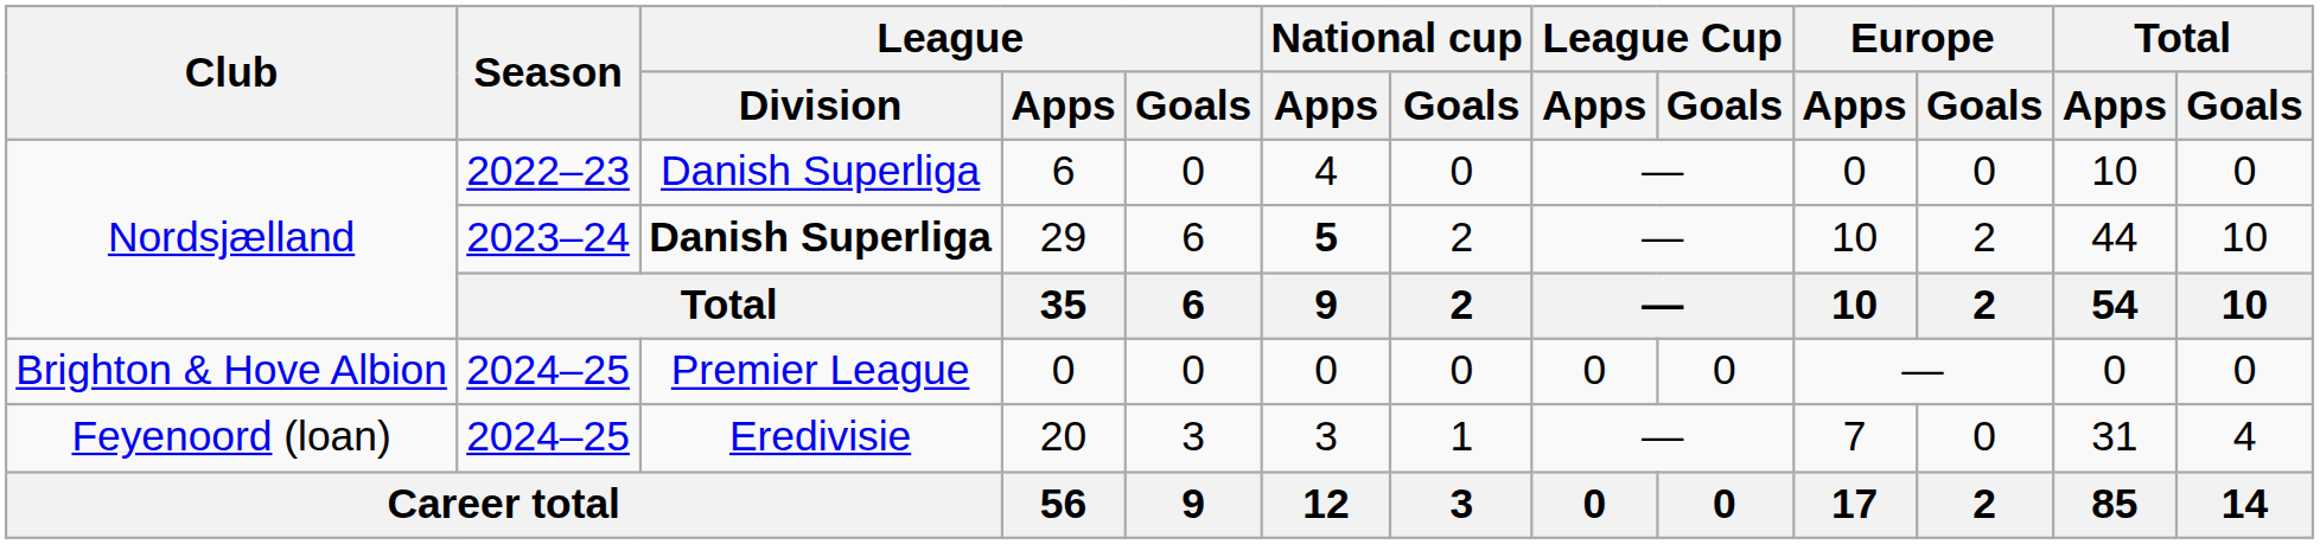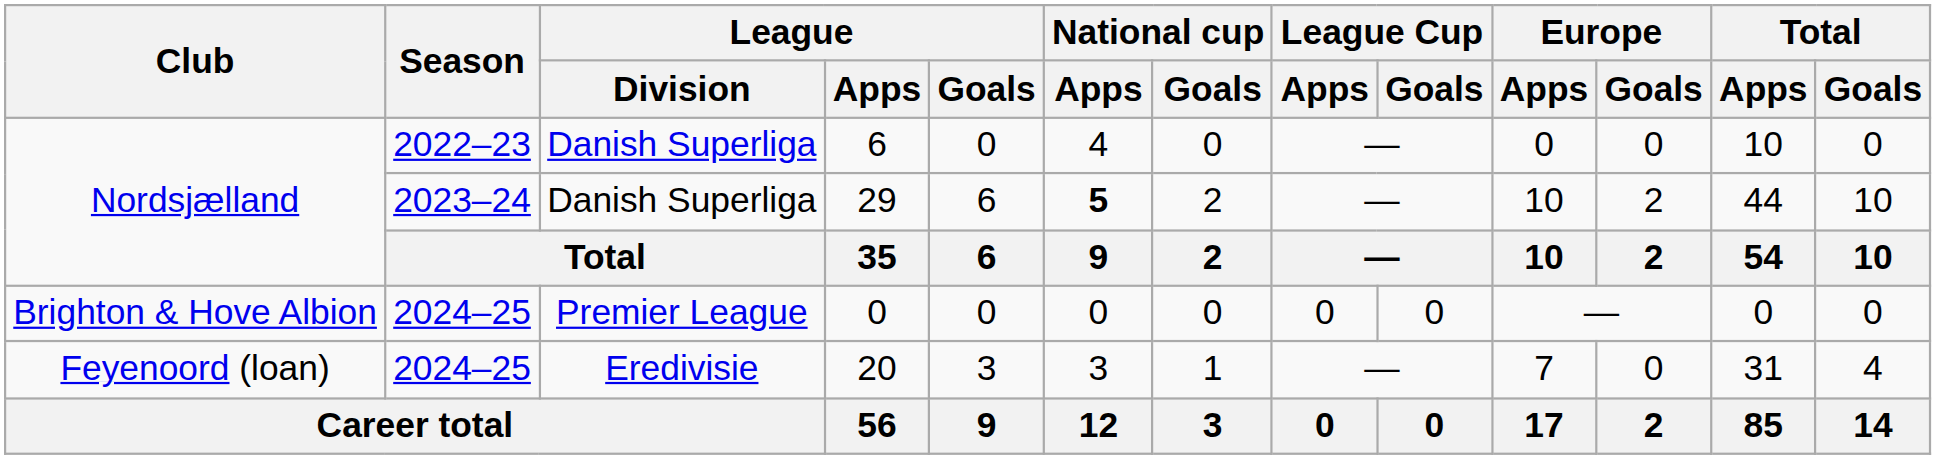 <table class=wikitable style=text-align:center>
 <tr>
 <th rowspan="2">Club</th>
 <th rowspan="2">Season</th>
 <th colspan="3">League</th>
 <th colspan="2">National cup</th>
 <th colspan="2">League Cup</th>
 <th colspan="2">Europe</th>
 <th colspan="2">Total</th>
 </tr>
 <tr>
 <th>Division</th>
 <th>Apps</th>
 <th>Goals</th>
 <th>Apps</th>
 <th>Goals</th>
 <th>Apps</th>
 <th>Goals</th>
 <th>Apps</th>
 <th>Goals</th>
 <th>Apps</th>
 <th>Goals</th>
 </tr>
 <tr>
 <td rowspan=3><a href='#'>Nordsjælland</a></td>
 <td><a href='#'>2022–23</a></td>
 <td><a href='#'>Danish Superliga</a></td>
 <td>6</td>
 <td>0</td>
 <td>4</td>
 <td>0</td>
 <td colspan="2">—</td>
 <td>0</td>
 <td>0</td>
 <td>10</td>
 <td>0</td>
 </tr>
 <tr>
 <td><a href='#'>2023–24</a></td>
-<td><strong>Danish Superliga</strong></td>
+<td>Danish Superliga</td>
 <td>29</td>
 <td>6</td>
 <td><strong>5</strong></td>
 <td>2</td>
 <td colspan="2">—</td>
 <td>10</td>
 <td>2</td>
 <td>44</td>
 <td>10</td>
 </tr>
 <tr>
 <th colspan=2>Total</th>
 <th>35</th>
 <th>6</th>
 <th>9</th>
 <th>2</th>
 <th colspan="2">—</th>
 <th>10</th>
 <th>2</th>
 <th>54</th>
 <th>10</th>
 </tr>
 <tr>
 <td><a href='#'>Brighton & Hove Albion</a></td>
 <td><a href='#'>2024–25</a></td>
 <td><a href='#'>Premier League</a></td>
 <td>0</td>
 <td>0</td>
 <td>0</td>
 <td>0</td>
 <td>0</td>
 <td>0</td>
 <td colspan="2">—</td>
 <td>0</td>
 <td>0</td>
 </tr>
 <tr>
 <td><a href='#'>Feyenoord</a> (loan)</td>
 <td><a href='#'>2024–25</a></td>
 <td><a href='#'>Eredivisie</a></td>
 <td>20</td>
 <td>3</td>
 <td>3</td>
 <td>1</td>
 <td colspan="2">—</td>
 <td>7</td>
 <td>0</td>
 <td>31</td>
 <td>4</td>
 </tr>
 <tr>
 <th colspan=3>Career total</th>
 <th>56</th>
 <th>9</th>
 <th>12</th>
 <th>3</th>
 <th>0</th>
 <th>0</th>
 <th>17</th>
 <th>2</th>
 <th>85</th>
 <th>14</th>
 </tr>
 </table>
